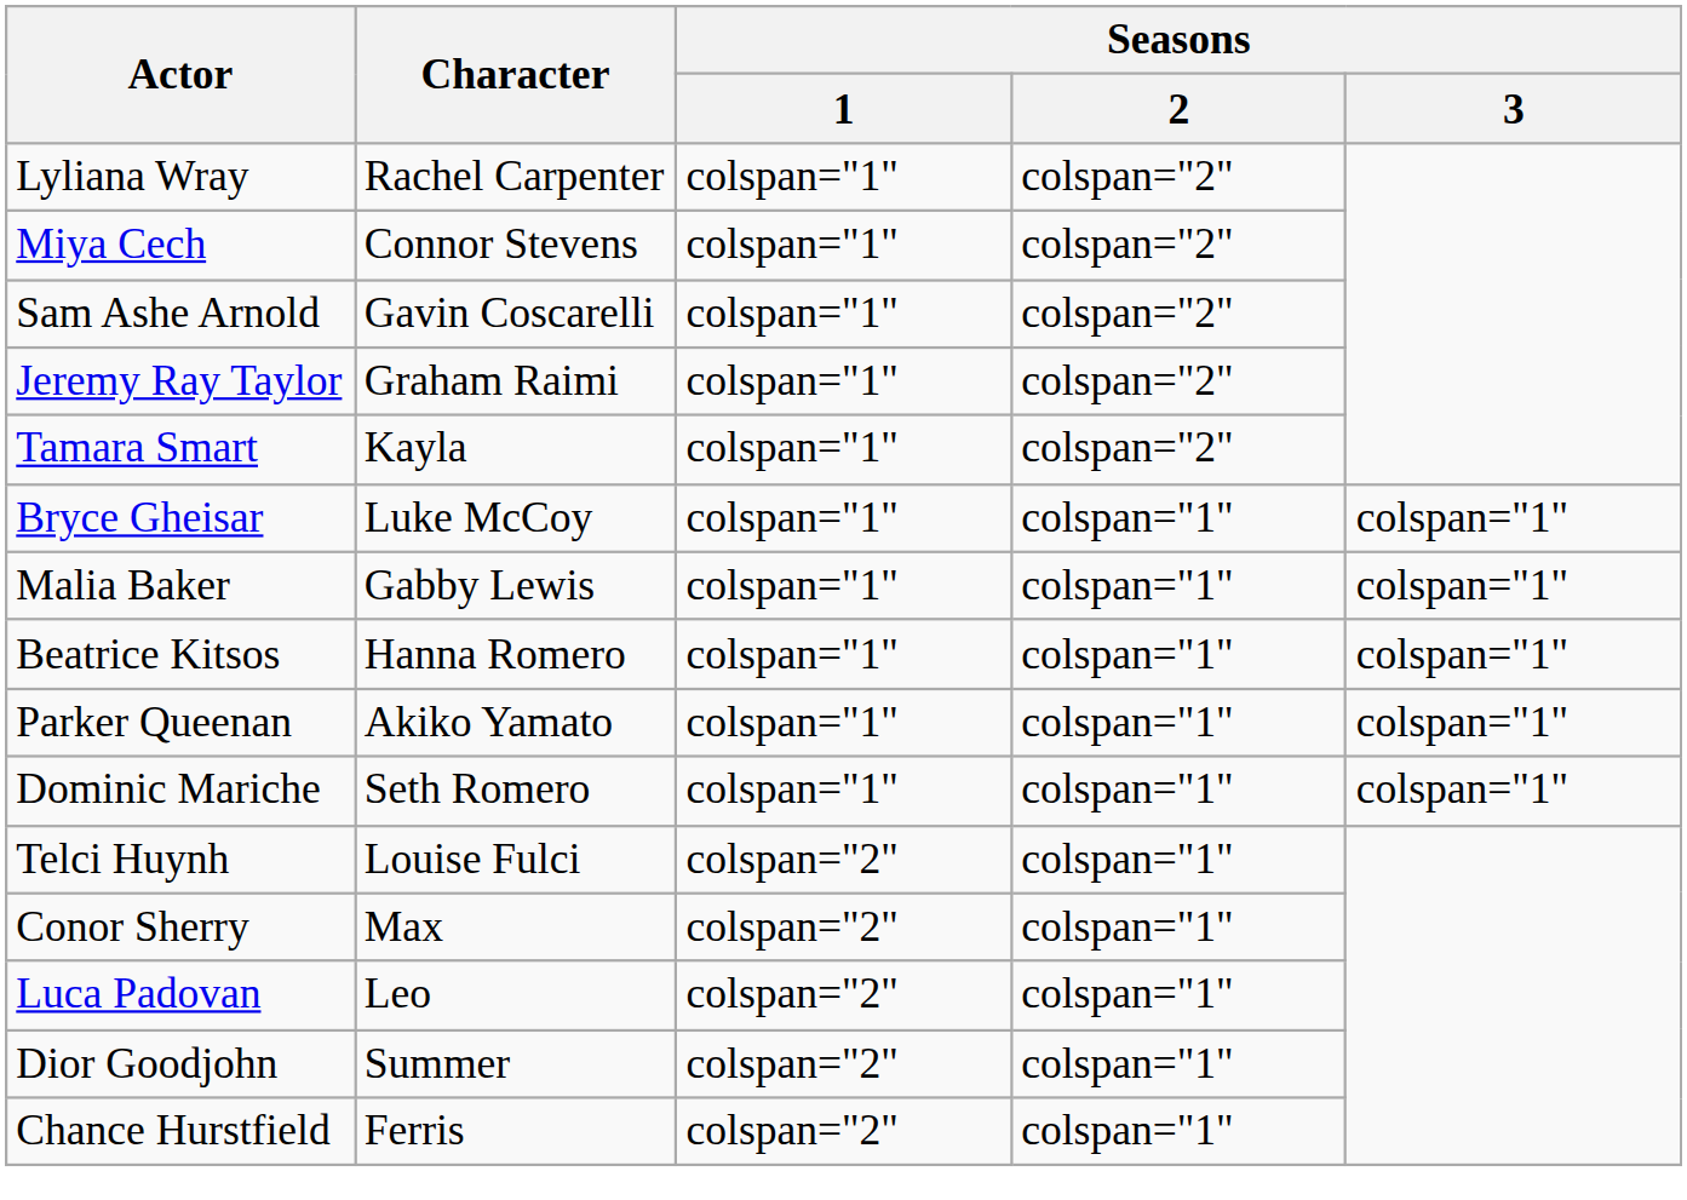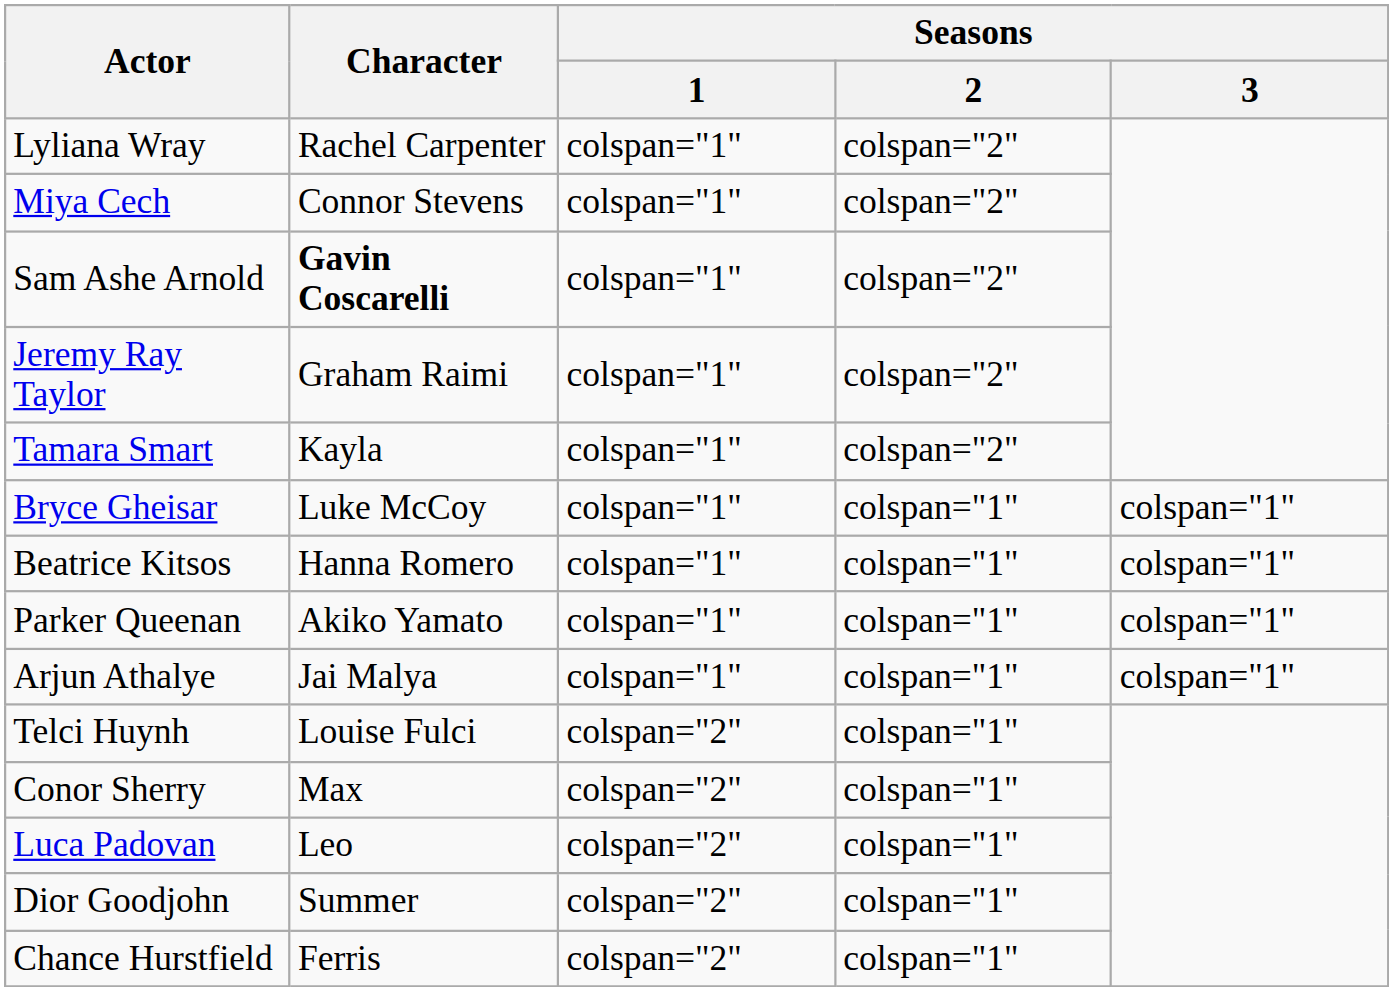 <table class="wikitable" width="100%">
 <tr>
 <th rowspan="2">Actor</th>
 <th rowspan="2">Character</th>
 <th colspan="3">Seasons</th>
 </tr>
 <tr>
 <th style="width:20%;">1</th>
 <th style="width:20%;">2</th>
 <th style="width:20%;">3</th>
 </tr>
 <tr>
 <td>Lyliana Wray</td>
 <td>Rachel Carpenter</td>
 <td>colspan="1" </td>
 <td>colspan="2" </td>
 </tr>
 <tr>
 <td><a href='#'>Miya Cech</a></td>
 <td>Connor Stevens</td>
 <td>colspan="1" </td>
 <td>colspan="2" </td>
 </tr>
 <tr>
 <td>Sam Ashe Arnold</td>
-<td>Gavin Coscarelli</td>
+<td><strong>Gavin Coscarelli</strong></td>
 <td>colspan="1" </td>
 <td>colspan="2" </td>
 </tr>
 <tr>
 <td><a href='#'>Jeremy Ray Taylor</a></td>
 <td>Graham Raimi</td>
 <td>colspan="1" </td>
 <td>colspan="2" </td>
 </tr>
 <tr>
 <td><a href='#'>Tamara Smart</a></td>
 <td>Kayla</td>
 <td>colspan="1" </td>
 <td>colspan="2" </td>
 </tr>
 <tr>
 <td><a href='#'>Bryce Gheisar</a></td>
 <td>Luke McCoy</td>
 <td>colspan="1" </td>
 <td>colspan="1" </td>
 <td>colspan="1" </td>
 </tr>
 <tr>
-<td>Malia Baker</td>
-<td>Gabby Lewis</td>
-<td>colspan="1" </td>
-<td>colspan="1" </td>
-<td>colspan="1" </td>
-</tr>
-<tr>
 <td>Beatrice Kitsos</td>
 <td>Hanna Romero</td>
 <td>colspan="1" </td>
 <td>colspan="1" </td>
 <td>colspan="1" </td>
 </tr>
 <tr>
 <td>Parker Queenan</td>
 <td>Akiko Yamato</td>
 <td>colspan="1" </td>
 <td>colspan="1" </td>
 <td>colspan="1" </td>
 </tr>
 <tr>
-<td>Dominic Mariche</td>
-<td>Seth Romero</td>
+<td>Arjun Athalye</td>
+<td>Jai Malya</td>
 <td>colspan="1" </td>
 <td>colspan="1" </td>
 <td>colspan="1" </td>
 </tr>
 <tr>
 <td>Telci Huynh</td>
 <td>Louise Fulci</td>
 <td>colspan="2" </td>
 <td>colspan="1" </td>
 </tr>
 <tr>
 <td>Conor Sherry</td>
 <td>Max</td>
 <td>colspan="2" </td>
 <td>colspan="1" </td>
 </tr>
 <tr>
 <td><a href='#'>Luca Padovan</a></td>
 <td>Leo</td>
 <td>colspan="2" </td>
 <td>colspan="1" </td>
 </tr>
 <tr>
 <td>Dior Goodjohn</td>
 <td>Summer</td>
 <td>colspan="2" </td>
 <td>colspan="1" </td>
 </tr>
 <tr>
 <td>Chance Hurstfield</td>
 <td>Ferris</td>
 <td>colspan="2" </td>
 <td>colspan="1" </td>
 </tr>
 </table>
